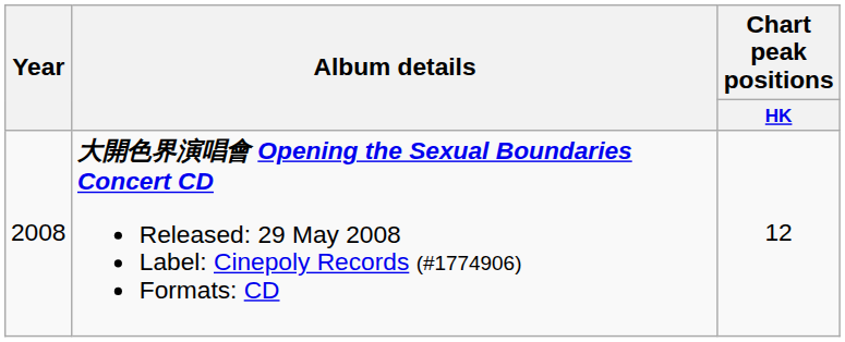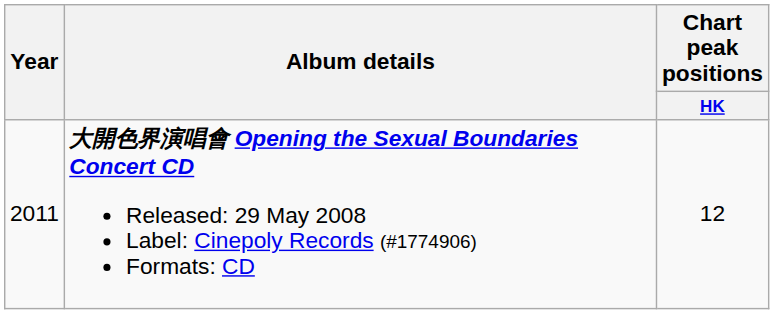 <table class="wikitable" border="1">
 <tr>
 <th rowspan="2">Year</th>
 <th rowspan="2" width="410">Album details</th>
 <th width="60" colspan="1">Chart peak positions</th>
 </tr>
 <tr>
 <th style="width:3em;font-size:75%;"><a href='#'>HK</a><br></th>
 </tr>
 <tr>
-<td>2008</td>
+<td>2011</td>
 <td><strong><em>大開色界演唱會 <a href='#'>Opening the Sexual Boundaries Concert CD</a></em></strong><br><ul><li>Released: 29 May 2008</li><li>Label: <a href='#'>Cinepoly Records</a> <small>(#1774906)</small></li><li>Formats: <a href='#'>CD</a></li></ul></td>
 <td align="center">12</td>
 </tr>
 </table>
